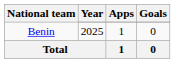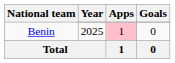 <table class="wikitable" style="text-align:center">
 <tr>
 <th>National team</th>
 <th>Year</th>
 <th>Apps</th>
 <th>Goals</th>
 </tr>
 <tr>
 <td rowspan=2><a href='#'>Benin</a></td>
 </tr>
 <tr>
 <td>2025</td>
-<td>1</td>
+<td style="background: pink;">1</td>
 <td>0</td>
 </tr>
 <tr>
 <th colspan=2>Total</th>
 <th>1</th>
 <th>0</th>
 </tr>
 </table>
